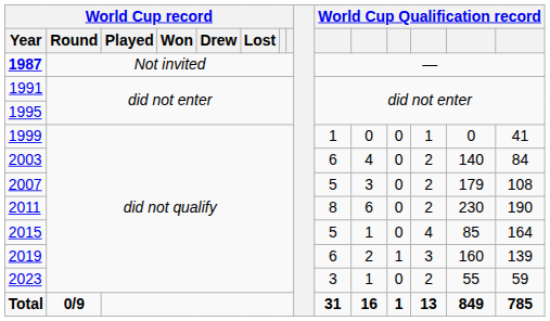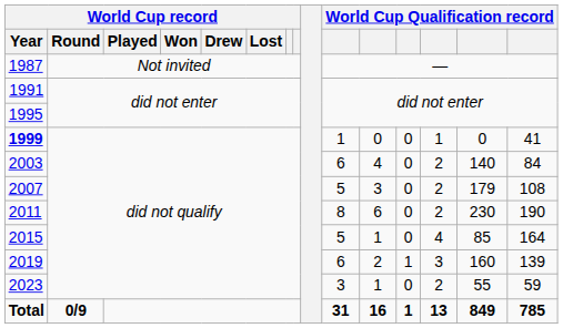 <table class=wikitable style=text-align:center>
 <tr>
 <th colspan=8><a href='#'>World Cup record</a></th>
 <th rowspan="26" width="4%"></th>
 <th colspan=6><a href='#'>World Cup Qualification record</a></th>
 </tr>
 <tr>
 <th>Year</th>
 <th>Round</th>
 <th>Played</th>
 <th>Won</th>
 <th>Drew</th>
 <th>Lost</th>
 <th></th>
 <th></th>
 <th></th>
 <th></th>
 <th></th>
 <th></th>
 <th></th>
 <th></th>
 </tr>
 <tr>
-<td align=left><strong> <a href='#'>1987</a></strong></td>
+<td align=left> <a href='#'>1987</a></td>
 <td colspan=7><em>Not invited</em></td>
 <td colspan=6><em>—</em></td>
 </tr>
 <tr>
 <td> <a href='#'>1991</a></td>
 <td rowspan=2 colspan=7><em>did not enter</em></td>
 <td rowspan=2 colspan=6><em>did not enter</em></td>
 </tr>
 <tr>
 <td align=left> <a href='#'>1995</a></td>
 </tr>
 <tr>
-<td align=left> <a href='#'>1999</a></td>
+<td align=left><strong> <a href='#'>1999</a></strong></td>
 <td colspan="7" rowspan="7"><em>did not qualify</em></td>
 <td>1</td>
 <td>0</td>
 <td>0</td>
 <td>1</td>
 <td>0</td>
 <td>41</td>
 </tr>
 <tr>
 <td align=left> <a href='#'>2003</a></td>
 <td>6</td>
 <td>4</td>
 <td>0</td>
 <td>2</td>
 <td>140</td>
 <td>84</td>
 </tr>
 <tr>
 <td align=left> <a href='#'>2007</a></td>
 <td>5</td>
 <td>3</td>
 <td>0</td>
 <td>2</td>
 <td>179</td>
 <td>108</td>
 </tr>
 <tr>
 <td align=left> <a href='#'>2011</a></td>
 <td>8</td>
 <td>6</td>
 <td>0</td>
 <td>2</td>
 <td>230</td>
 <td>190</td>
 </tr>
 <tr>
 <td align=left> <a href='#'>2015</a></td>
 <td>5</td>
 <td>1</td>
 <td>0</td>
 <td>4</td>
 <td>85</td>
 <td>164</td>
 </tr>
 <tr>
 <td align=left> <a href='#'>2019</a></td>
 <td>6</td>
 <td>2</td>
 <td>1</td>
 <td>3</td>
 <td>160</td>
 <td>139</td>
 </tr>
 <tr>
 <td align=left> <a href='#'>2023</a></td>
 <td>3</td>
 <td>1</td>
 <td>0</td>
 <td>2</td>
 <td>55</td>
 <td>59</td>
 </tr>
 <tr>
 <td><strong>Total</strong></td>
 <td><strong>0/9</strong></td>
 <td colspan="6"></td>
 <td><strong>31</strong></td>
 <td><strong>16</strong></td>
 <td><strong>1</strong></td>
 <td><strong>13</strong></td>
 <td><strong>849</strong></td>
 <td><strong>785</strong></td>
 </tr>
 </table>
